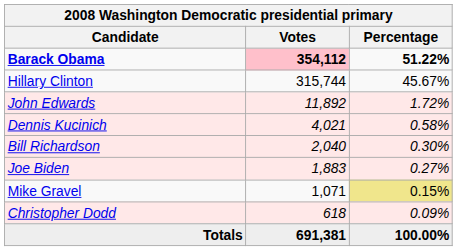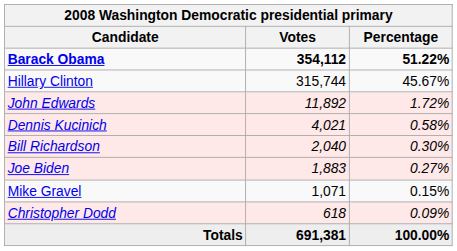 <table class="wikitable" style="font-size: 95%; text-align:right;">
 <tr>
 <th colspan="4">2008 Washington Democratic presidential primary</th>
 </tr>
 <tr>
 <th style="width: 17em">Candidate</th>
 <th style="width: 7em">Votes</th>
 <th style="width: 7em">Percentage</th>
 </tr>
 <tr>
 <td style="text-align:left;"><strong><a href='#'>Barack Obama</a></strong></td>
-<td style="background: pink;"><strong>354,112</strong></td>
+<td><strong>354,112</strong></td>
 <td><strong>51.22%</strong></td>
 </tr>
 <tr>
 <td style="text-align:left;"><a href='#'>Hillary Clinton</a></td>
 <td>315,744</td>
 <td>45.67%</td>
 </tr>
 <tr style="background:#ffe8e8;">
 <td style="text-align:left;"><em><a href='#'>John Edwards</a></em></td>
 <td><em>11,892</em></td>
 <td><em>1.72%</em></td>
 </tr>
 <tr style="background:#ffe8e8;">
 <td style="text-align:left;"><em><a href='#'>Dennis Kucinich</a></em></td>
 <td><em>4,021</em></td>
 <td><em>0.58%</em></td>
 </tr>
 <tr style="background:#ffe8e8;">
 <td style="text-align:left;"><em><a href='#'>Bill Richardson</a></em></td>
 <td><em>2,040</em></td>
 <td><em>0.30%</em></td>
 </tr>
 <tr style="background:#ffe8e8;">
 <td style="text-align:left;"><em><a href='#'>Joe Biden</a></em></td>
 <td><em>1,883</em></td>
 <td><em>0.27%</em></td>
 </tr>
 <tr>
 <td style="text-align:left;"><a href='#'>Mike Gravel</a></td>
 <td>1,071</td>
-<td style="background: khaki;">0.15%</td>
+<td>0.15%</td>
 </tr>
 <tr style="background:#ffe8e8;">
 <td style="text-align:left;"><em><a href='#'>Christopher Dodd</a></em></td>
 <td><em>618</em></td>
 <td><em>0.09%</em></td>
 </tr>
 <tr style="background:#eee; margin-right:0.5em;">
 <td><strong>Totals</strong></td>
 <td><strong>691,381</strong></td>
 <td><strong>100.00%</strong></td>
 </tr>
 </table>
